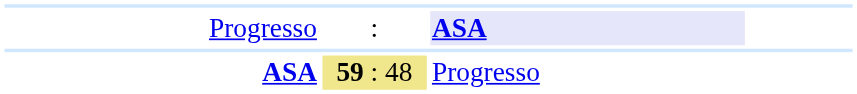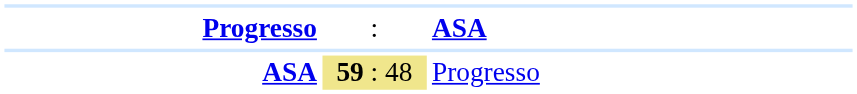 <table style="text-align:center" width=500>
 <tr>
 <th width=30%></th>
 <th width=10%></th>
 <th width=30%></th>
 <th width=10%></th>
 </tr>
 <tr align="left" bgcolor=#D0E7FF>
 <td colspan=4></td>
 </tr>
 <tr>
-<td align="right"><a href='#'>Progresso</a></td>
+<td align="right"><strong><a href='#'>Progresso</a></strong></td>
 <td>:</td>
-<td align=left style="background: lavender;"><strong><a href='#'>ASA</a></strong></td>
+<td align=left><strong><a href='#'>ASA</a></strong></td>
 </tr>
 <tr align="left" bgcolor=#D0E7FF>
 <td colspan=4></td>
 </tr>
 <tr>
 <td align="right"><strong><a href='#'>ASA</a></strong></td>
 <td style="background: khaki;"><strong>59</strong> : 48</td>
 <td align=left><a href='#'>Progresso</a></td>
 </tr>
 </table>
